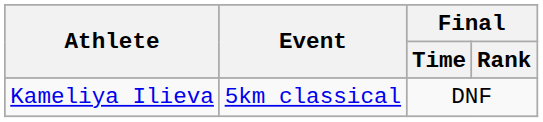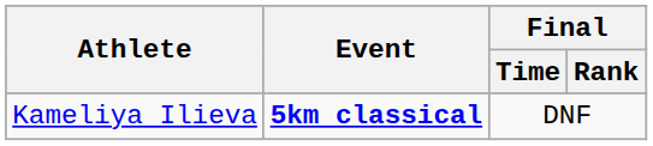 <table class="wikitable">
 <tr>
 <th rowspan="2">Athlete</th>
 <th rowspan="2">Event</th>
 <th colspan="2">Final</th>
 </tr>
 <tr>
 <th>Time</th>
 <th>Rank</th>
 </tr>
 <tr>
 <td rowspan="1"><a href='#'>Kameliya Ilieva</a></td>
-<td><a href='#'>5km classical</a></td>
+<td><strong><a href='#'>5km classical</a></strong></td>
 <td align="center" colspan=2>DNF</td>
 </tr>
 </table>
